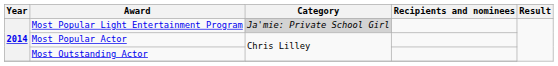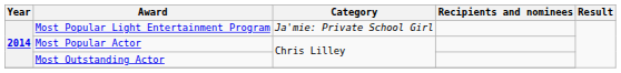 <table class="wikitable plainrowheaders" style="font-size: 95%;">
 <tr>
 <th scope="col">Year</th>
 <th scope="col">Award</th>
 <th scope="col">Category</th>
 <th scope="col">Recipients and nominees</th>
 <th scope="col">Result</th>
 </tr>
 <tr>
 <th scope="row" rowspan="3"><a href='#'>2014</a></th>
 <td><a href='#'>Most Popular Light Entertainment Program</a></td>
-<td style="background: lightgrey;"><em>Ja'mie: Private School Girl</em></td>
+<td><em>Ja'mie: Private School Girl</em></td>
 <td></td>
 </tr>
 <tr>
 <td><a href='#'>Most Popular Actor</a></td>
 <td rowspan="2">Chris Lilley</td>
 <td></td>
 </tr>
 <tr>
 <td><a href='#'>Most Outstanding Actor</a></td>
 <td></td>
 </tr>
 <tr>
 </tr>
 </table>
